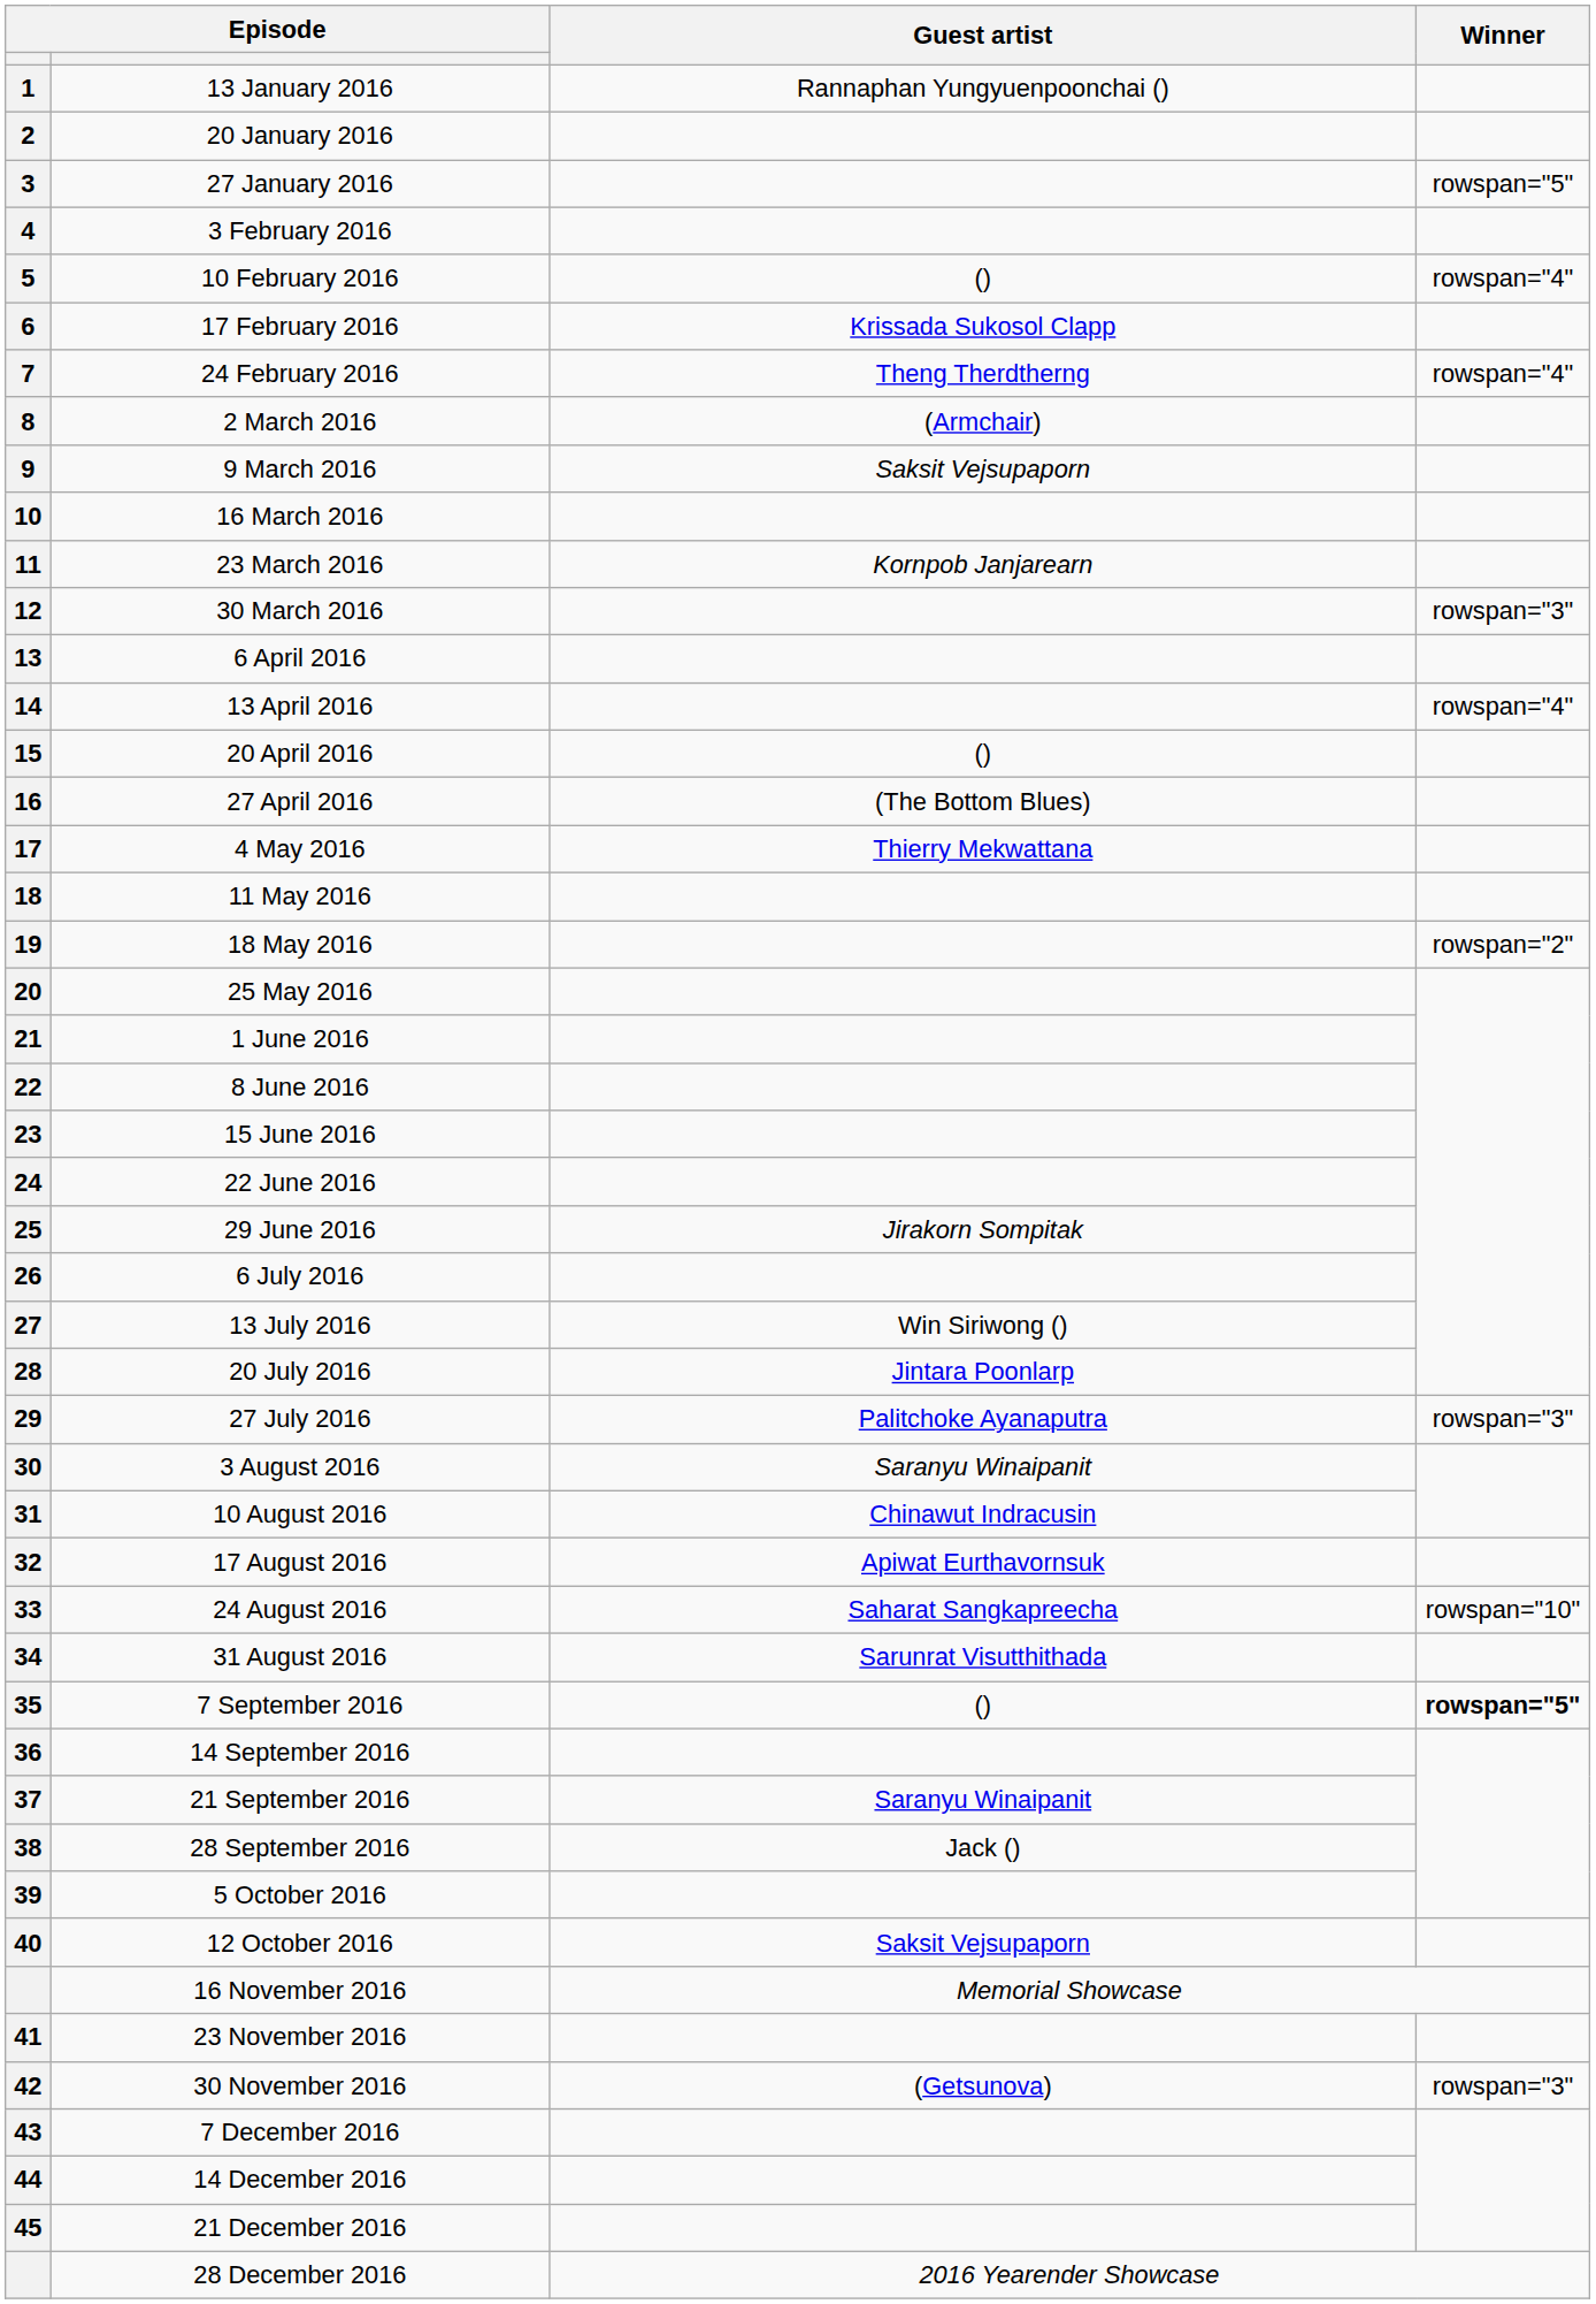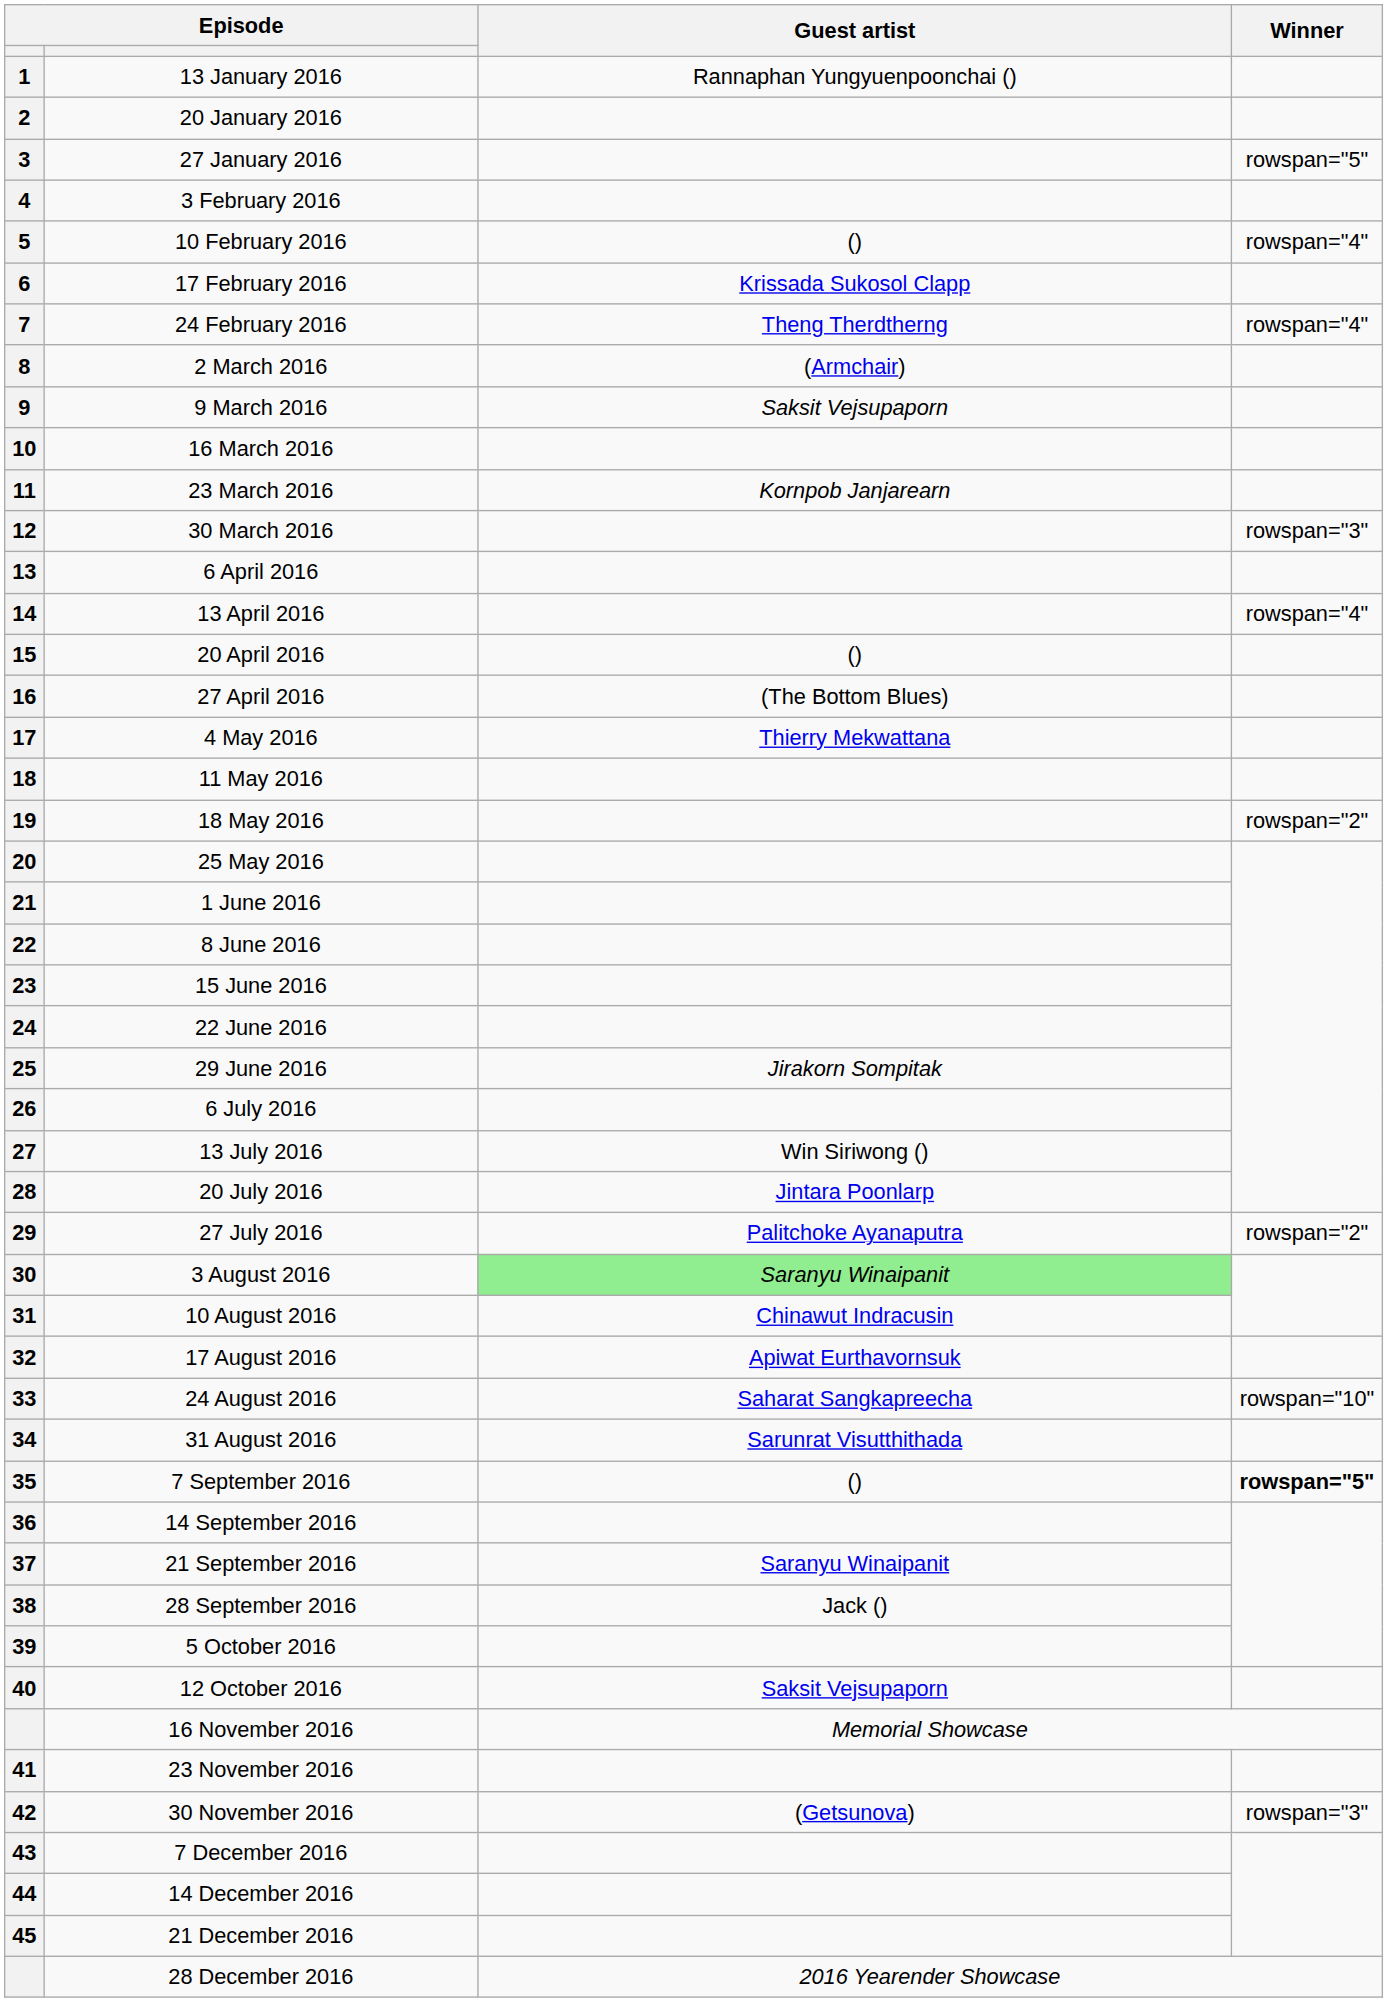 <table class="wikitable plainrowheaders mw-collapsible" style="text-align:center; line-height:23px; width:64%;">
 <tr>
 <th colspan="2" width="24%">Episode</th>
 <th rowspan="2" width="40%">Guest artist</th>
 <th rowspan="2" width="1%">Winner</th>
 </tr>
 <tr>
 <th width="01%"></th>
 <th></th>
 </tr>
 <tr>
 <th>1</th>
 <td>13 January 2016</td>
 <td>Rannaphan Yungyuenpoonchai ()</td>
 <td></td>
 </tr>
 <tr>
 <th>2</th>
 <td>20 January 2016</td>
 <td></td>
 <td></td>
 </tr>
 <tr>
 <th>3</th>
 <td>27 January 2016</td>
 <td></td>
 <td>rowspan="5" </td>
 </tr>
 <tr>
 <th>4</th>
 <td>3 February 2016</td>
 <td></td>
 </tr>
 <tr>
 <th>5</th>
 <td>10 February 2016</td>
 <td> ()</td>
 <td>rowspan="4" </td>
 </tr>
 <tr>
 <th>6</th>
 <td>17 February 2016</td>
 <td><a href='#'>Krissada Sukosol Clapp</a></td>
 </tr>
 <tr>
 <th>7</th>
 <td>24 February 2016</td>
 <td><a href='#'>Theng Therdtherng</a></td>
 <td>rowspan="4" </td>
 </tr>
 <tr>
 <th>8</th>
 <td>2 March 2016</td>
 <td> (<a href='#'>Armchair</a>)</td>
 </tr>
 <tr>
 <th>9</th>
 <td>9 March 2016</td>
 <td><em>Saksit Vejsupaporn</em></td>
 <td></td>
 </tr>
 <tr>
 <th>10</th>
 <td>16 March 2016</td>
 <td></td>
 <td></td>
 </tr>
 <tr>
 <th>11</th>
 <td>23 March 2016</td>
 <td><em>Kornpob Janjarearn</em></td>
 <td></td>
 </tr>
 <tr>
 <th>12</th>
 <td>30 March 2016</td>
 <td></td>
 <td>rowspan="3" </td>
 </tr>
 <tr>
 <th>13</th>
 <td>6 April 2016</td>
 <td></td>
 </tr>
 <tr>
 <th>14</th>
 <td>13 April 2016</td>
 <td></td>
 <td>rowspan="4" </td>
 </tr>
 <tr>
 <th>15</th>
 <td>20 April 2016</td>
 <td> ()</td>
 </tr>
 <tr>
 <th>16</th>
 <td>27 April 2016</td>
 <td> (The Bottom Blues)</td>
 <td></td>
 </tr>
 <tr>
 <th>17</th>
 <td>4 May 2016</td>
 <td><a href='#'>Thierry Mekwattana</a></td>
 <td></td>
 </tr>
 <tr>
 <th>18</th>
 <td>11 May 2016</td>
 <td></td>
 <td></td>
 </tr>
 <tr>
 <th>19</th>
 <td>18 May 2016</td>
 <td></td>
 <td>rowspan="2" </td>
 </tr>
 <tr>
 <th>20</th>
 <td>25 May 2016</td>
 <td></td>
 </tr>
 <tr>
 <th>21</th>
 <td>1 June 2016</td>
 <td></td>
 </tr>
 <tr>
 <th>22</th>
 <td>8 June 2016</td>
 <td></td>
 </tr>
 <tr>
 <th>23</th>
 <td>15 June 2016</td>
 <td></td>
 </tr>
 <tr>
 <th>24</th>
 <td>22 June 2016</td>
 <td></td>
 </tr>
 <tr>
 <th>25</th>
 <td>29 June 2016</td>
 <td><em>Jirakorn Sompitak</em></td>
 </tr>
 <tr>
 <th>26</th>
 <td>6 July 2016</td>
 <td></td>
 </tr>
 <tr>
 <th>27</th>
 <td>13 July 2016</td>
 <td>Win Siriwong ()</td>
 </tr>
 <tr>
 <th>28</th>
 <td>20 July 2016</td>
 <td><a href='#'>Jintara Poonlarp</a></td>
 </tr>
 <tr>
 <th>29</th>
 <td>27 July 2016</td>
 <td><a href='#'>Palitchoke Ayanaputra</a></td>
-<td>rowspan="3" </td>
+<td>rowspan="2" </td>
 </tr>
 <tr>
 <th>30</th>
 <td>3 August 2016</td>
-<td><em>Saranyu Winaipanit</em></td>
+<td style="background: lightgreen;"><em>Saranyu Winaipanit</em></td>
 </tr>
 <tr>
 <th>31</th>
 <td>10 August 2016</td>
 <td><a href='#'>Chinawut Indracusin</a></td>
 </tr>
 <tr>
 <th>32</th>
 <td>17 August 2016</td>
 <td><a href='#'>Apiwat Eurthavornsuk</a></td>
 <td></td>
 </tr>
 <tr>
 <th>33</th>
 <td>24 August 2016</td>
 <td><a href='#'>Saharat Sangkapreecha</a></td>
 <td>rowspan="10" </td>
 </tr>
 <tr>
 <th>34</th>
 <td>31 August 2016</td>
 <td><a href='#'>Sarunrat Visutthithada</a></td>
 </tr>
 <tr>
 <th>35</th>
 <td>7 September 2016</td>
 <td> ()</td>
 <td><strong>rowspan="5" </strong></td>
 </tr>
 <tr>
 <th>36</th>
 <td>14 September 2016</td>
 <td></td>
 </tr>
 <tr>
 <th>37</th>
 <td>21 September 2016</td>
 <td><a href='#'>Saranyu Winaipanit</a></td>
 </tr>
 <tr>
 <th>38</th>
 <td>28 September 2016</td>
 <td>Jack ()</td>
 </tr>
 <tr>
 <th>39</th>
 <td>5 October 2016</td>
 <td></td>
 </tr>
 <tr>
 <th>40</th>
 <td>12 October 2016</td>
 <td><a href='#'>Saksit Vejsupaporn</a></td>
 <td></td>
 </tr>
 <tr>
 <th></th>
 <td>16 November 2016</td>
 <td colspan="2"><em>Memorial Showcase</em></td>
 </tr>
 <tr>
 <th>41</th>
 <td>23 November 2016</td>
 <td></td>
 <td></td>
 </tr>
 <tr>
 <th>42</th>
 <td>30 November 2016</td>
 <td> (<a href='#'>Getsunova</a>)</td>
 <td>rowspan="3" </td>
 </tr>
 <tr>
 <th>43</th>
 <td>7 December 2016</td>
 <td></td>
 </tr>
 <tr>
 <th>44</th>
 <td>14 December 2016</td>
 <td></td>
 </tr>
 <tr>
 <th>45</th>
 <td>21 December 2016</td>
 <td></td>
 </tr>
 <tr>
 <th></th>
 <td>28 December 2016</td>
 <td colspan="2"><em>2016 Yearender Showcase</em></td>
 </tr>
 </table>
